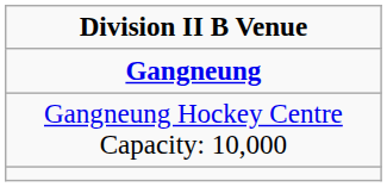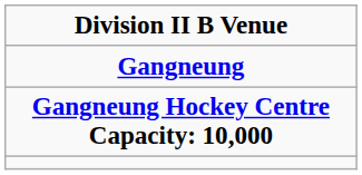 <table class="wikitable floatright" style="text-align:center;" width=220px>
 <tr>
 <td><strong>Division II B Venue</strong></td>
 </tr>
 <tr>
 <td width=220px><strong><a href='#'>Gangneung</a></strong></td>
 </tr>
 <tr>
-<td><a href='#'>Gangneung Hockey Centre</a><br>Capacity: 10,000</td>
+<td><strong><a href='#'>Gangneung Hockey Centre</a><br>Capacity: 10,000</strong></td>
 </tr>
 <tr>
 <td></td>
 </tr>
 </table>
